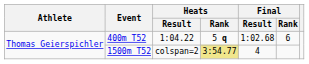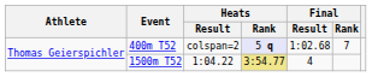 <table class="wikitable" style="font-size:90%">
 <tr>
 <th rowspan="2">Athlete</th>
 <th rowspan="2">Event</th>
 <th colspan="2">Heats</th>
 <th colspan="2">Final</th>
 <th rowspan="2"></th>
 </tr>
 <tr>
 <th>Result</th>
 <th>Rank</th>
 <th>Result</th>
 <th>Rank</th>
 </tr>
 <tr align="center">
 <td rowspan="2" align="left"><a href='#'>Thomas Geierspichler</a></td>
 <td align="left"><a href='#'>400m T52</a></td>
-<td>1:04.22</td>
-<td>5 <strong>q</strong></td>
+<td>colspan=2 </td>
+<td style="background: lavender;">5 <strong>q</strong></td>
 <td>1:02.68</td>
-<td>6</td>
+<td>7</td>
 <td rowspan="2"></td>
 </tr>
 <tr align="center">
 <td align="left"><a href='#'>1500m T52</a></td>
-<td>colspan=2 </td>
+<td>1:04.22</td>
 <td style="background: khaki;">3:54.77</td>
 <td>4</td>
 </tr>
 </table>
